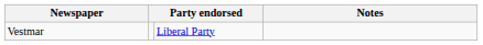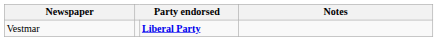 <table class="wikitable">
 <tr>
 <th width=200px>Newspaper</th>
 <th colspan=2>Party endorsed</th>
 <th width=300px>Notes</th>
 </tr>
 <tr>
 <td>Vestmar</td>
 <td style="background-color: "></td>
-<td width="150px"><a href='#'>Liberal Party</a></td>
+<td width="150px"><strong><a href='#'>Liberal Party</a></strong></td>
 <td></td>
 </tr>
 </table>
